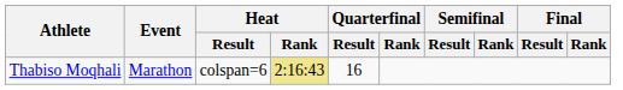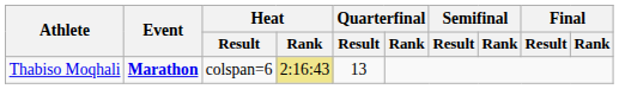 <table class="wikitable" style="font-size:90%">
 <tr>
 <th rowspan="2">Athlete</th>
 <th rowspan="2">Event</th>
 <th colspan="2">Heat</th>
 <th colspan="2">Quarterfinal</th>
 <th colspan="2">Semifinal</th>
 <th colspan="2">Final</th>
 </tr>
 <tr style="font-size:95%">
 <th>Result</th>
 <th>Rank</th>
 <th>Result</th>
 <th>Rank</th>
 <th>Result</th>
 <th>Rank</th>
 <th>Result</th>
 <th>Rank</th>
 </tr>
 <tr align=center>
 <td align=left><a href='#'>Thabiso Moqhali</a></td>
-<td align=left><a href='#'>Marathon</a></td>
+<td align=left><strong><a href='#'>Marathon</a></strong></td>
 <td>colspan=6 </td>
 <td style="background: khaki;">2:16:43</td>
-<td>16</td>
+<td>13</td>
 </tr>
 </table>
